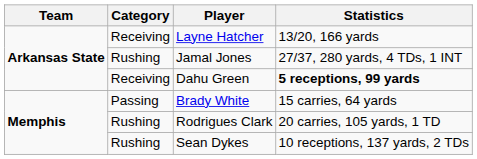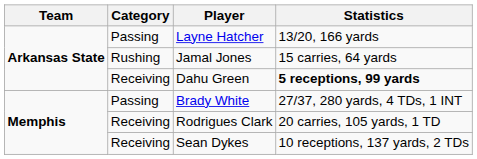 <table class="wikitable" style="float: left;">
 <tr>
 <th>Team</th>
 <th>Category</th>
 <th>Player</th>
 <th>Statistics</th>
 </tr>
 <tr>
 <td rowspan=3><strong>Arkansas State</strong></td>
-<td>Receiving</td>
+<td>Passing</td>
 <td><a href='#'>Layne Hatcher</a></td>
 <td>13/20, 166 yards</td>
 </tr>
 <tr>
 <td>Rushing</td>
 <td>Jamal Jones</td>
-<td>27/37, 280 yards, 4 TDs, 1 INT</td>
+<td>15 carries, 64 yards</td>
 </tr>
 <tr>
 <td>Receiving</td>
 <td>Dahu Green</td>
 <td><strong>5 receptions, 99 yards</strong></td>
 </tr>
 <tr>
 <td rowspan=3><strong>Memphis</strong></td>
 <td>Passing</td>
 <td><a href='#'>Brady White</a></td>
-<td>15 carries, 64 yards</td>
+<td>27/37, 280 yards, 4 TDs, 1 INT</td>
 </tr>
 <tr>
-<td>Rushing</td>
+<td>Receiving</td>
 <td>Rodrigues Clark</td>
 <td>20 carries, 105 yards, 1 TD</td>
 </tr>
 <tr>
-<td>Rushing</td>
+<td>Receiving</td>
 <td>Sean Dykes</td>
 <td>10 receptions, 137 yards, 2 TDs</td>
 </tr>
 </table>
